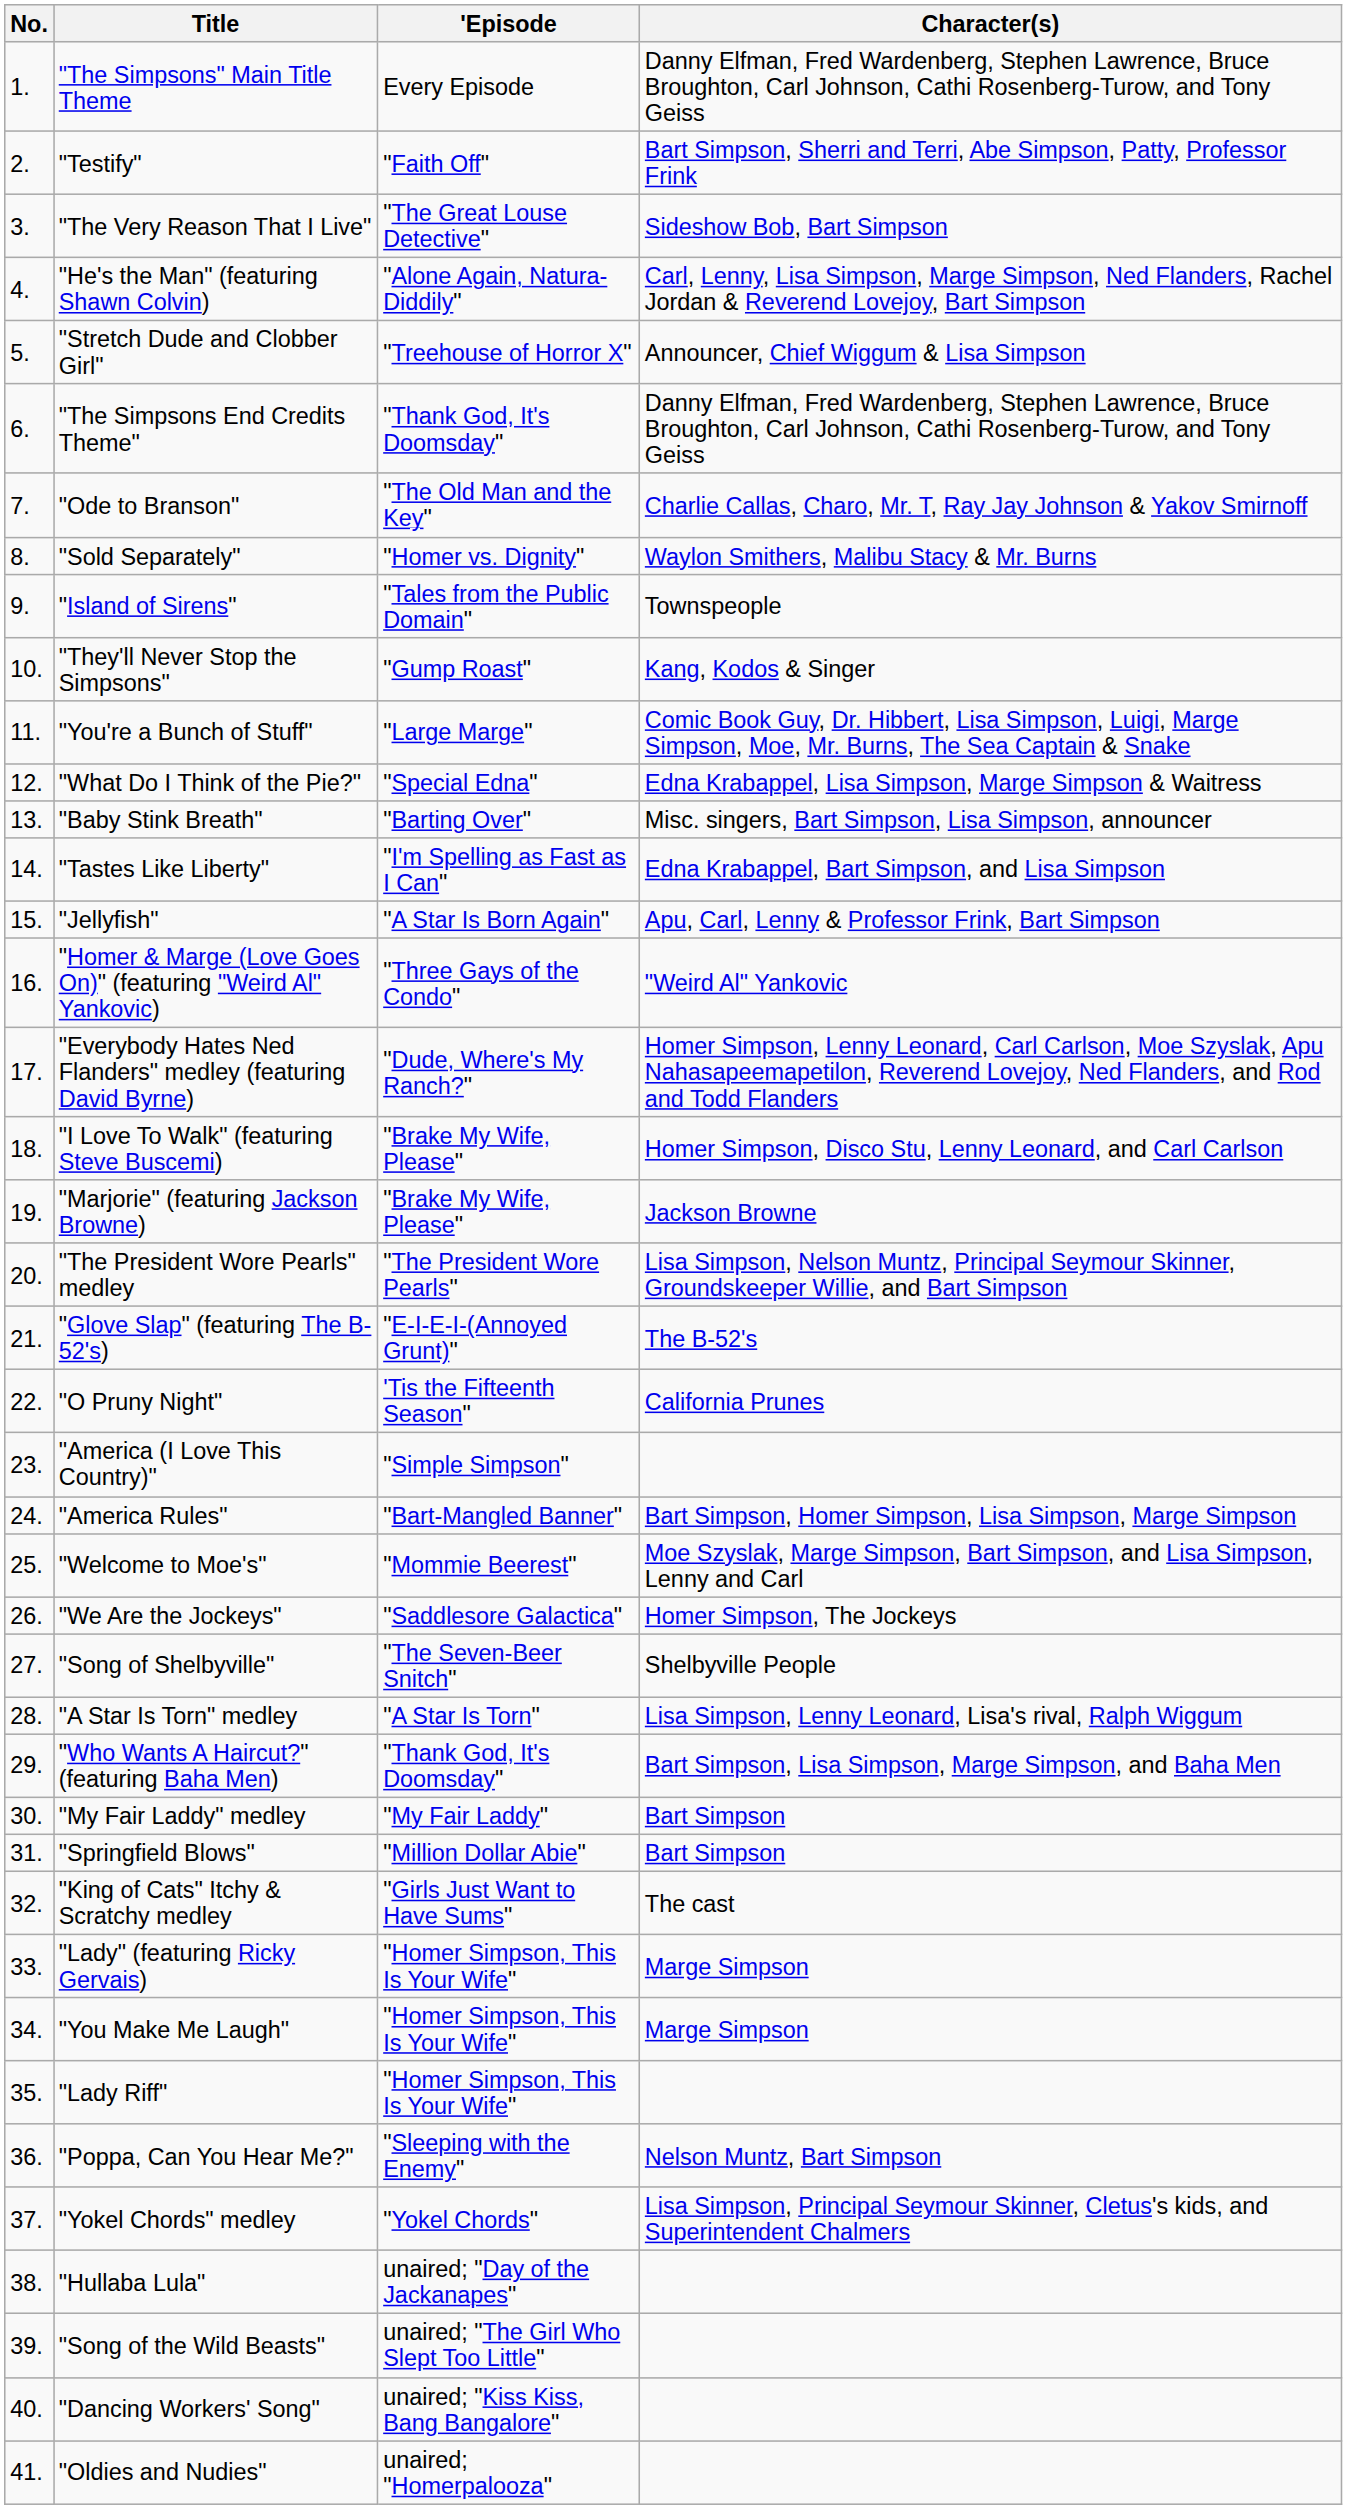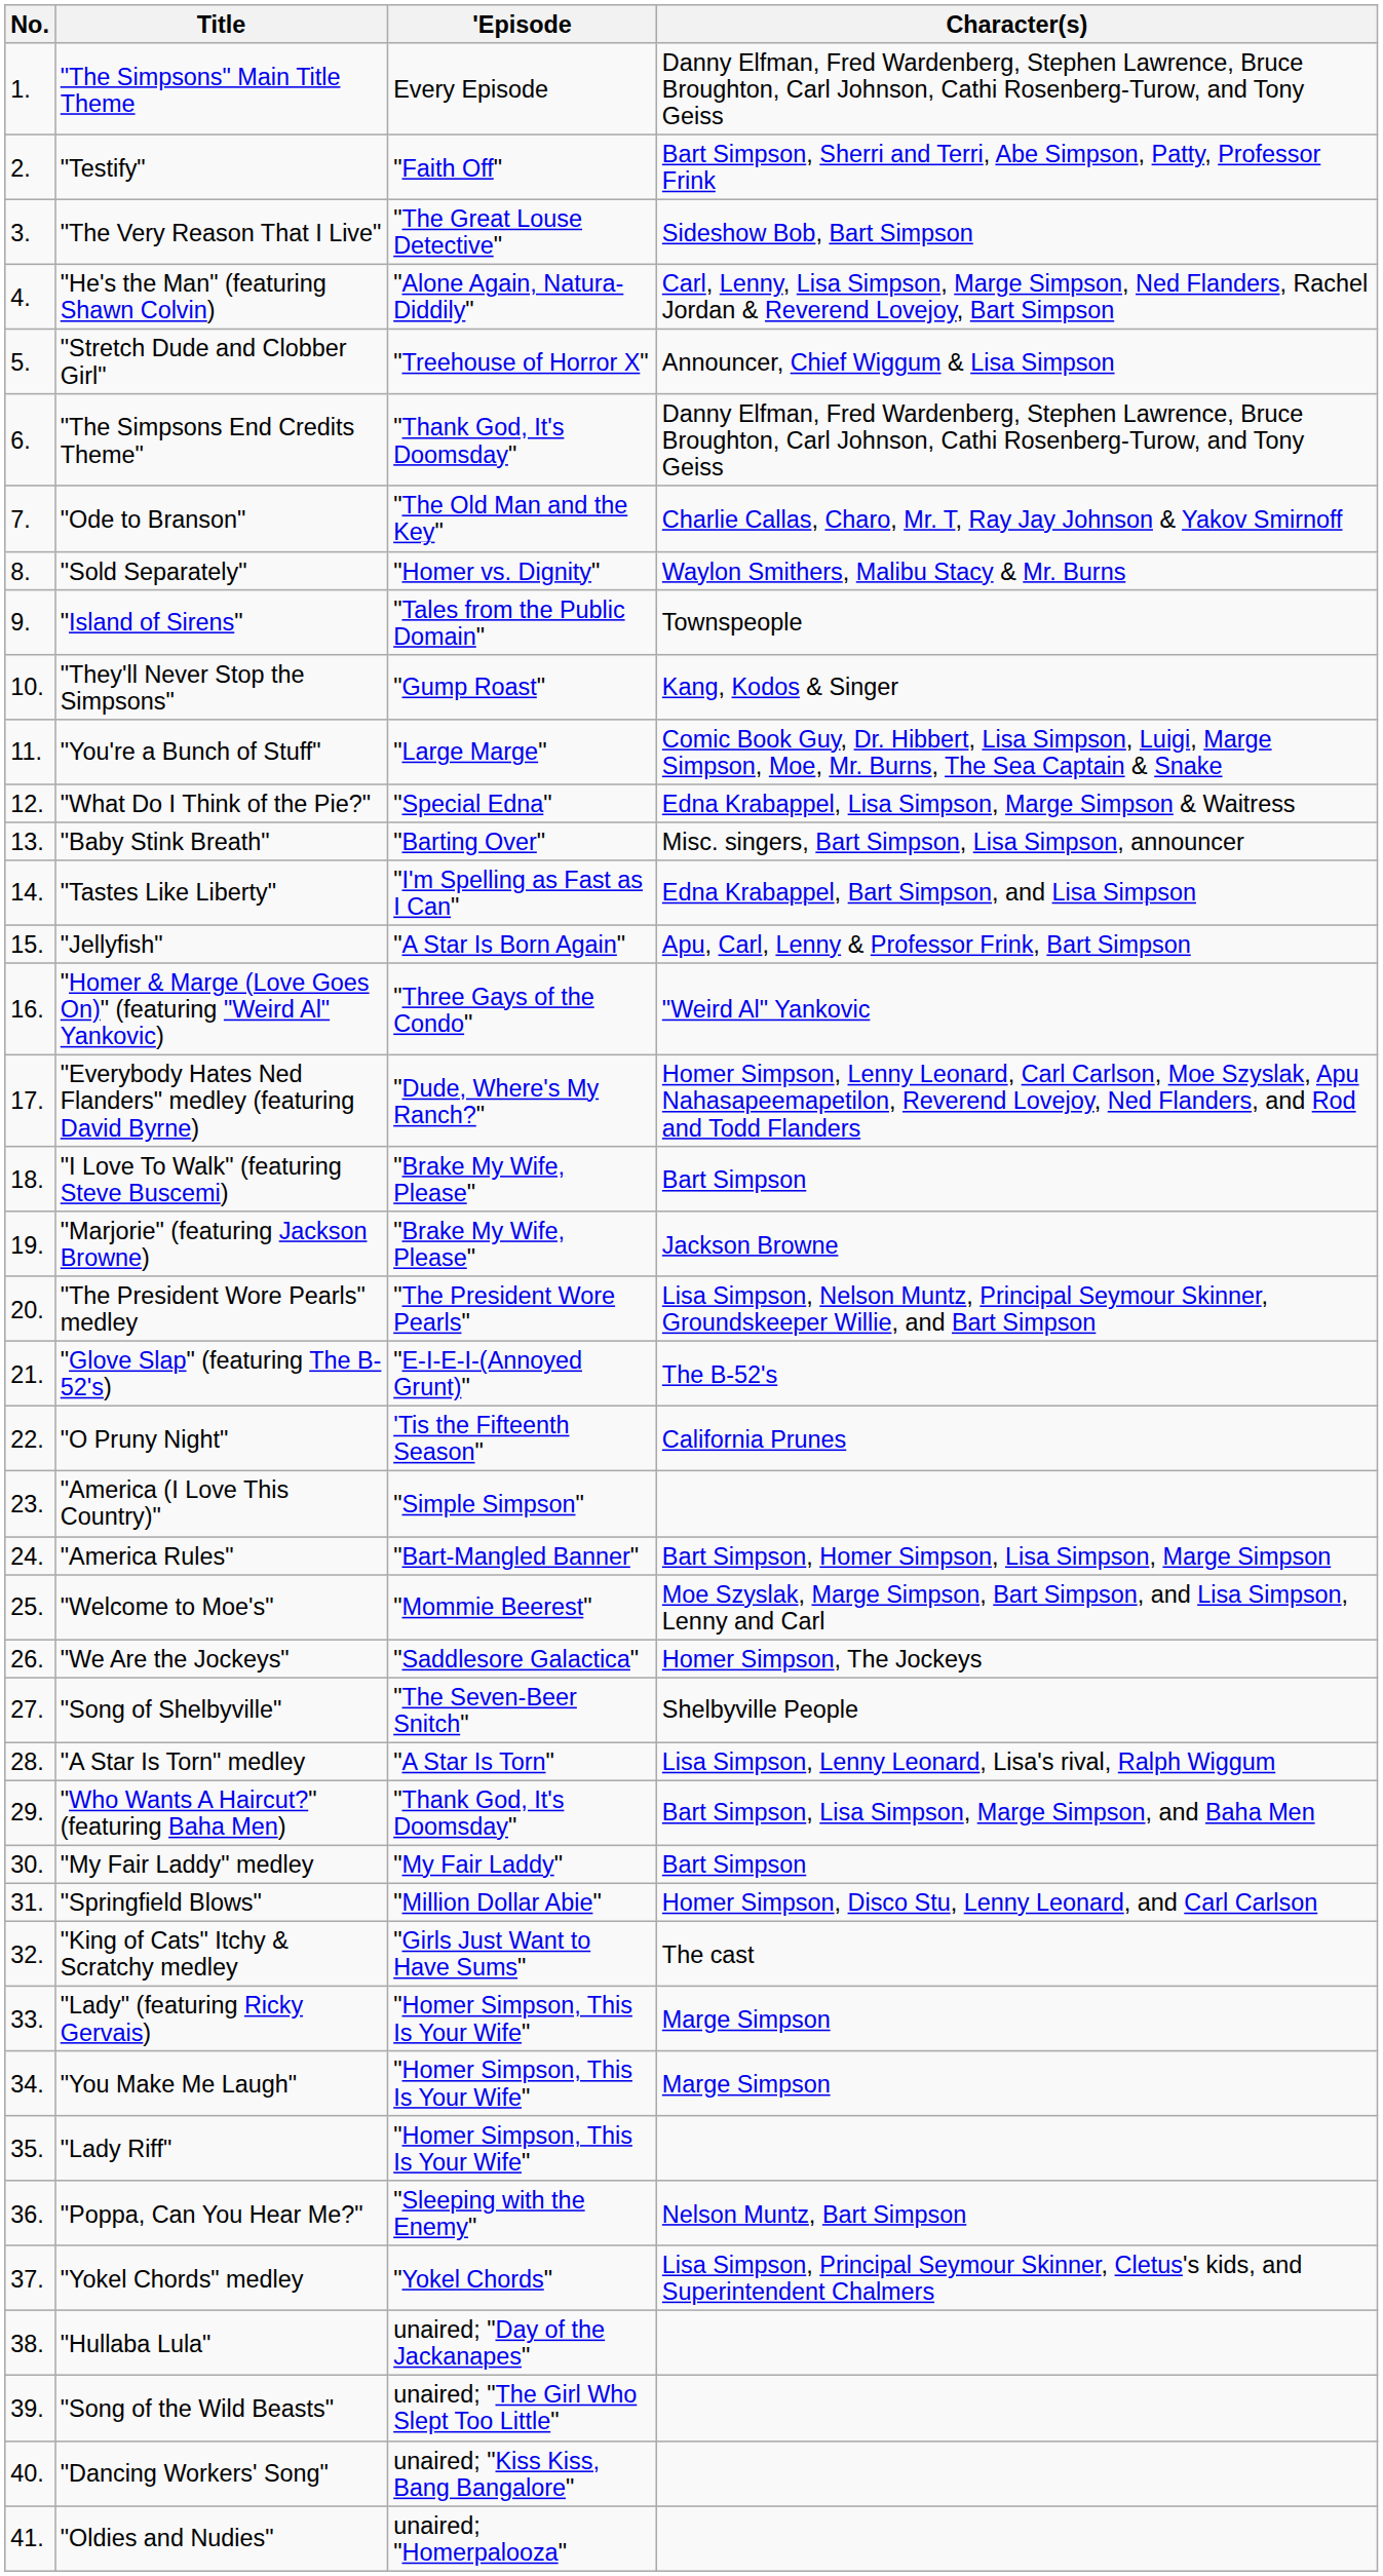 <table class="wikitable" style="font-size: 95%;">
 <tr>
 <th>No.</th>
 <th>Title</th>
 <th>'Episode</th>
 <th>Character(s)</th>
 </tr>
 <tr>
 <td>1.</td>
 <td><a href='#'>"The Simpsons" Main Title Theme</a></td>
 <td>Every Episode</td>
 <td>Danny Elfman, Fred Wardenberg, Stephen Lawrence, Bruce Broughton, Carl Johnson, Cathi Rosenberg-Turow, and Tony Geiss</td>
 </tr>
 <tr>
 <td>2.</td>
 <td>"Testify"</td>
 <td>"<a href='#'>Faith Off</a>"</td>
 <td><a href='#'>Bart Simpson</a>, <a href='#'>Sherri and Terri</a>, <a href='#'>Abe Simpson</a>, <a href='#'>Patty</a>, <a href='#'>Professor Frink</a></td>
 </tr>
 <tr>
 <td>3.</td>
 <td>"The Very Reason That I Live"</td>
 <td>"<a href='#'>The Great Louse Detective</a>"</td>
 <td><a href='#'>Sideshow Bob</a>, <a href='#'>Bart Simpson</a></td>
 </tr>
 <tr>
 <td>4.</td>
 <td>"He's the Man" (featuring <a href='#'>Shawn Colvin</a>)</td>
 <td>"<a href='#'>Alone Again, Natura-Diddily</a>"</td>
 <td><a href='#'>Carl</a>, <a href='#'>Lenny</a>, <a href='#'>Lisa Simpson</a>, <a href='#'>Marge Simpson</a>, <a href='#'>Ned Flanders</a>, Rachel Jordan & <a href='#'>Reverend Lovejoy</a>, <a href='#'>Bart Simpson</a></td>
 </tr>
 <tr>
 <td>5.</td>
 <td>"Stretch Dude and Clobber Girl"</td>
 <td>"<a href='#'>Treehouse of Horror X</a>"</td>
 <td>Announcer, <a href='#'>Chief Wiggum</a> & <a href='#'>Lisa Simpson</a></td>
 </tr>
 <tr>
 <td>6.</td>
 <td>"The Simpsons End Credits Theme"</td>
 <td>"<a href='#'>Thank God, It's Doomsday</a>"</td>
 <td>Danny Elfman, Fred Wardenberg, Stephen Lawrence, Bruce Broughton, Carl Johnson, Cathi Rosenberg-Turow, and Tony Geiss</td>
 </tr>
 <tr>
 <td>7.</td>
 <td>"Ode to Branson"</td>
 <td>"<a href='#'>The Old Man and the Key</a>"</td>
 <td><a href='#'>Charlie Callas</a>, <a href='#'>Charo</a>, <a href='#'>Mr. T</a>, <a href='#'>Ray Jay Johnson</a> & <a href='#'>Yakov Smirnoff</a></td>
 </tr>
 <tr>
 <td>8.</td>
 <td>"Sold Separately"</td>
 <td>"<a href='#'>Homer vs. Dignity</a>"</td>
 <td><a href='#'>Waylon Smithers</a>, <a href='#'>Malibu Stacy</a> & <a href='#'>Mr. Burns</a></td>
 </tr>
 <tr>
 <td>9.</td>
 <td>"<a href='#'>Island of Sirens</a>"</td>
 <td>"<a href='#'>Tales from the Public Domain</a>"</td>
 <td>Townspeople</td>
 </tr>
 <tr>
 <td>10.</td>
 <td>"They'll Never Stop the Simpsons"</td>
 <td>"<a href='#'>Gump Roast</a>"</td>
 <td><a href='#'>Kang</a>, <a href='#'>Kodos</a> & Singer</td>
 </tr>
 <tr>
 <td>11.</td>
 <td>"You're a Bunch of Stuff"</td>
 <td>"<a href='#'>Large Marge</a>"</td>
 <td><a href='#'>Comic Book Guy</a>, <a href='#'>Dr. Hibbert</a>, <a href='#'>Lisa Simpson</a>, <a href='#'>Luigi</a>, <a href='#'>Marge Simpson</a>, <a href='#'>Moe</a>, <a href='#'>Mr. Burns</a>, <a href='#'>The Sea Captain</a> & <a href='#'>Snake</a></td>
 </tr>
 <tr>
 <td>12.</td>
 <td>"What Do I Think of the Pie?"</td>
 <td>"<a href='#'>Special Edna</a>"</td>
 <td><a href='#'>Edna Krabappel</a>, <a href='#'>Lisa Simpson</a>, <a href='#'>Marge Simpson</a> & Waitress</td>
 </tr>
 <tr>
 <td>13.</td>
 <td>"Baby Stink Breath"</td>
 <td>"<a href='#'>Barting Over</a>"</td>
 <td>Misc. singers, <a href='#'>Bart Simpson</a>, <a href='#'>Lisa Simpson</a>, announcer</td>
 </tr>
 <tr>
 <td>14.</td>
 <td>"Tastes Like Liberty"</td>
 <td>"<a href='#'>I'm Spelling as Fast as I Can</a>"</td>
 <td><a href='#'>Edna Krabappel</a>, <a href='#'>Bart Simpson</a>, and <a href='#'>Lisa Simpson</a></td>
 </tr>
 <tr>
 <td>15.</td>
 <td>"Jellyfish"</td>
 <td>"<a href='#'>A Star Is Born Again</a>"</td>
 <td><a href='#'>Apu</a>, <a href='#'>Carl</a>, <a href='#'>Lenny</a> & <a href='#'>Professor Frink</a>, <a href='#'>Bart Simpson</a></td>
 </tr>
 <tr>
 <td>16.</td>
 <td>"<a href='#'>Homer & Marge (Love Goes On)</a>" (featuring <a href='#'>"Weird Al" Yankovic</a>)</td>
 <td>"<a href='#'>Three Gays of the Condo</a>"</td>
 <td><a href='#'>"Weird Al" Yankovic</a></td>
 </tr>
 <tr>
 <td>17.</td>
 <td>"Everybody Hates Ned Flanders" medley (featuring <a href='#'>David Byrne</a>)</td>
 <td>"<a href='#'>Dude, Where's My Ranch?</a>"</td>
 <td><a href='#'>Homer Simpson</a>, <a href='#'>Lenny Leonard</a>, <a href='#'>Carl Carlson</a>, <a href='#'>Moe Szyslak</a>, <a href='#'>Apu Nahasapeemapetilon</a>, <a href='#'>Reverend Lovejoy</a>, <a href='#'>Ned Flanders</a>, and <a href='#'>Rod and Todd Flanders</a></td>
 </tr>
 <tr>
 <td>18.</td>
 <td>"I Love To Walk" (featuring <a href='#'>Steve Buscemi</a>)</td>
 <td>"<a href='#'>Brake My Wife, Please</a>"</td>
-<td><a href='#'>Homer Simpson</a>, <a href='#'>Disco Stu</a>, <a href='#'>Lenny Leonard</a>, and <a href='#'>Carl Carlson</a></td>
+<td><a href='#'>Bart Simpson</a></td>
 </tr>
 <tr>
 <td>19.</td>
 <td>"Marjorie" (featuring <a href='#'>Jackson Browne</a>)</td>
 <td>"<a href='#'>Brake My Wife, Please</a>"</td>
 <td><a href='#'>Jackson Browne</a></td>
 </tr>
 <tr>
 <td>20.</td>
 <td>"The President Wore Pearls" medley</td>
 <td>"<a href='#'>The President Wore Pearls</a>"</td>
 <td><a href='#'>Lisa Simpson</a>, <a href='#'>Nelson Muntz</a>, <a href='#'>Principal Seymour Skinner</a>, <a href='#'>Groundskeeper Willie</a>, and <a href='#'>Bart Simpson</a></td>
 </tr>
 <tr>
 <td>21.</td>
 <td>"<a href='#'>Glove Slap</a>" (featuring <a href='#'>The B-52's</a>)</td>
 <td>"<a href='#'>E-I-E-I-(Annoyed Grunt)</a>"</td>
 <td><a href='#'>The B-52's</a></td>
 </tr>
 <tr>
 <td>22.</td>
 <td>"O Pruny Night"</td>
 <td><a href='#'>'Tis the Fifteenth Season</a>"</td>
 <td><a href='#'>California Prunes</a></td>
 </tr>
 <tr>
 <td>23.</td>
 <td>"America (I Love This Country)"</td>
 <td>"<a href='#'>Simple Simpson</a>"</td>
 <td></td>
 </tr>
 <tr>
 <td>24.</td>
 <td>"America Rules"</td>
 <td>"<a href='#'>Bart-Mangled Banner</a>"</td>
 <td><a href='#'>Bart Simpson</a>, <a href='#'>Homer Simpson</a>, <a href='#'>Lisa Simpson</a>, <a href='#'>Marge Simpson</a></td>
 </tr>
 <tr>
 <td>25.</td>
 <td>"Welcome to Moe's"</td>
 <td>"<a href='#'>Mommie Beerest</a>"</td>
 <td><a href='#'>Moe Szyslak</a>, <a href='#'>Marge Simpson</a>, <a href='#'>Bart Simpson</a>, and <a href='#'>Lisa Simpson</a>, Lenny and Carl</td>
 </tr>
 <tr>
 <td>26.</td>
 <td>"We Are the Jockeys"</td>
 <td>"<a href='#'>Saddlesore Galactica</a>"</td>
 <td><a href='#'>Homer Simpson</a>, The Jockeys</td>
 </tr>
 <tr>
 <td>27.</td>
 <td>"Song of Shelbyville"</td>
 <td>"<a href='#'>The Seven-Beer Snitch</a>"</td>
 <td>Shelbyville People</td>
 </tr>
 <tr>
 <td>28.</td>
 <td>"A Star Is Torn" medley</td>
 <td>"<a href='#'>A Star Is Torn</a>"</td>
 <td><a href='#'>Lisa Simpson</a>, <a href='#'>Lenny Leonard</a>, Lisa's rival, <a href='#'>Ralph Wiggum</a></td>
 </tr>
 <tr>
 <td>29.</td>
 <td>"<a href='#'>Who Wants A Haircut?</a>" (featuring <a href='#'>Baha Men</a>)</td>
 <td>"<a href='#'>Thank God, It's Doomsday</a>"</td>
 <td><a href='#'>Bart Simpson</a>, <a href='#'>Lisa Simpson</a>, <a href='#'>Marge Simpson</a>, and <a href='#'>Baha Men</a></td>
 </tr>
 <tr>
 <td>30.</td>
 <td>"My Fair Laddy" medley</td>
 <td>"<a href='#'>My Fair Laddy</a>"</td>
 <td><a href='#'>Bart Simpson</a></td>
 </tr>
 <tr>
 <td>31.</td>
 <td>"Springfield Blows"</td>
 <td>"<a href='#'>Million Dollar Abie</a>"</td>
-<td><a href='#'>Bart Simpson</a></td>
+<td><a href='#'>Homer Simpson</a>, <a href='#'>Disco Stu</a>, <a href='#'>Lenny Leonard</a>, and <a href='#'>Carl Carlson</a></td>
 </tr>
 <tr>
 <td>32.</td>
 <td>"King of Cats" Itchy & Scratchy medley</td>
 <td>"<a href='#'>Girls Just Want to Have Sums</a>"</td>
 <td>The cast</td>
 </tr>
 <tr>
 <td>33.</td>
 <td>"Lady" (featuring <a href='#'>Ricky Gervais</a>)</td>
 <td>"<a href='#'>Homer Simpson, This Is Your Wife</a>"</td>
 <td><a href='#'>Marge Simpson</a></td>
 </tr>
 <tr>
 <td>34.</td>
 <td>"You Make Me Laugh"</td>
 <td>"<a href='#'>Homer Simpson, This Is Your Wife</a>"</td>
 <td><a href='#'>Marge Simpson</a></td>
 </tr>
 <tr>
 <td>35.</td>
 <td>"Lady Riff"</td>
 <td>"<a href='#'>Homer Simpson, This Is Your Wife</a>"</td>
 <td></td>
 </tr>
 <tr>
 <td>36.</td>
 <td>"Poppa, Can You Hear Me?"</td>
 <td>"<a href='#'>Sleeping with the Enemy</a>"</td>
 <td><a href='#'>Nelson Muntz</a>, <a href='#'>Bart Simpson</a></td>
 </tr>
 <tr>
 <td>37.</td>
 <td>"Yokel Chords" medley</td>
 <td>"<a href='#'>Yokel Chords</a>"</td>
 <td><a href='#'>Lisa Simpson</a>, <a href='#'>Principal Seymour Skinner</a>, <a href='#'>Cletus</a>'s kids, and <a href='#'>Superintendent Chalmers</a></td>
 </tr>
 <tr>
 <td>38.</td>
 <td>"Hullaba Lula"</td>
 <td>unaired; "<a href='#'>Day of the Jackanapes</a>"</td>
 <td></td>
 </tr>
 <tr>
 <td>39.</td>
 <td>"Song of the Wild Beasts"</td>
 <td>unaired; "<a href='#'>The Girl Who Slept Too Little</a>"</td>
 <td></td>
 </tr>
 <tr>
 <td>40.</td>
 <td>"Dancing Workers' Song"</td>
 <td>unaired; "<a href='#'>Kiss Kiss, Bang Bangalore</a>"</td>
 <td></td>
 </tr>
 <tr>
 <td>41.</td>
 <td>"Oldies and Nudies"</td>
 <td>unaired; "<a href='#'>Homerpalooza</a>"</td>
 <td></td>
 </tr>
 </table>
